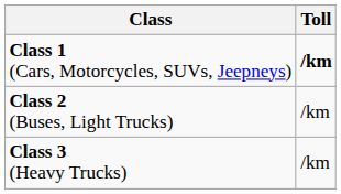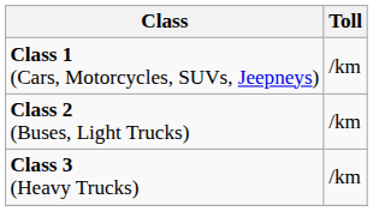 <table class="wikitable">
 <tr>
 <th>Class</th>
 <th>Toll</th>
 </tr>
 <tr>
 <td><strong>Class 1</strong><br>(Cars, Motorcycles, SUVs, <a href='#'>Jeepneys</a>)</td>
-<td><strong>/km</strong></td>
+<td>/km</td>
 </tr>
 <tr>
 <td><strong>Class 2</strong><br>(Buses, Light Trucks)</td>
 <td>/km</td>
 </tr>
 <tr>
 <td><strong>Class 3</strong><br>(Heavy Trucks)</td>
 <td>/km</td>
 </tr>
 <tr>
 </tr>
 </table>
